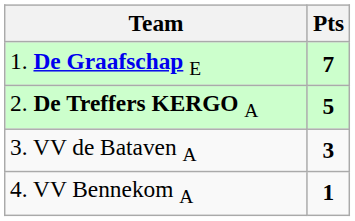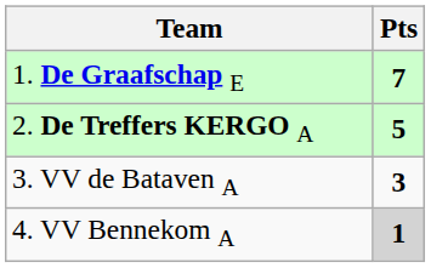 <table class="wikitable" style="text-align:center; float:left; margin-right:1em">
 <tr>
 <th style="width:200px">Team</th>
 <th width=20>Pts</th>
 </tr>
 <tr bgcolor=ccffcc>
 <td align=left>1. <strong><a href='#'>De Graafschap</a></strong> <sub>E</sub></td>
 <td><strong>7</strong></td>
 </tr>
 <tr bgcolor=ccffcc>
 <td align=left>2. <strong>De Treffers KERGO</strong> <sub>A</sub></td>
 <td><strong>5</strong></td>
 </tr>
 <tr>
 <td align=left>3. VV de Bataven <sub>A</sub></td>
 <td><strong>3</strong></td>
 </tr>
 <tr>
 <td align=left>4. VV Bennekom <sub>A</sub></td>
-<td><strong>1</strong></td>
+<td style="background: lightgrey;"><strong>1</strong></td>
 </tr>
 </table>
